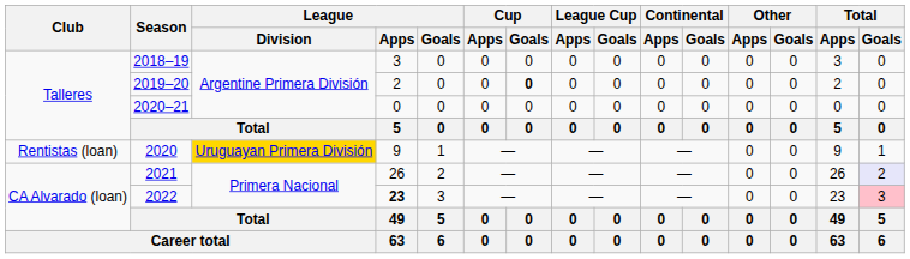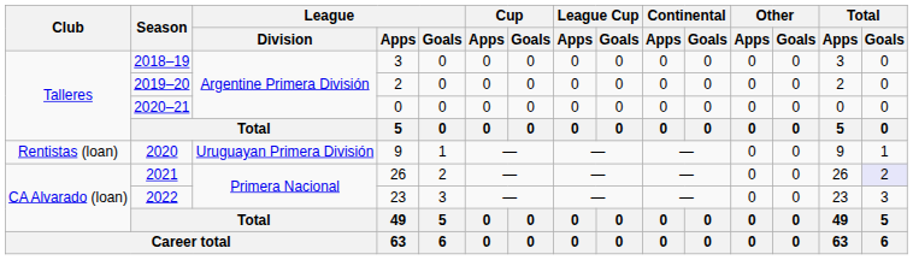 <table class="wikitable" style="text-align:center">
 <tr>
 <th rowspan="2">Club</th>
 <th rowspan="2">Season</th>
 <th colspan="3">League</th>
 <th colspan="2">Cup</th>
 <th colspan="2">League Cup</th>
 <th colspan="2">Continental</th>
 <th colspan="2">Other</th>
 <th colspan="2">Total</th>
 </tr>
 <tr>
 <th>Division</th>
 <th>Apps</th>
 <th>Goals</th>
 <th>Apps</th>
 <th>Goals</th>
 <th>Apps</th>
 <th>Goals</th>
 <th>Apps</th>
 <th>Goals</th>
 <th>Apps</th>
 <th>Goals</th>
 <th>Apps</th>
 <th>Goals</th>
 </tr>
 <tr>
 <td rowspan="4"><a href='#'>Talleres</a></td>
 <td><a href='#'>2018–19</a></td>
 <td rowspan="3"><a href='#'>Argentine Primera División</a></td>
 <td>3</td>
 <td>0</td>
 <td>0</td>
 <td>0</td>
 <td>0</td>
 <td>0</td>
 <td>0</td>
 <td>0</td>
 <td>0</td>
 <td>0</td>
 <td>3</td>
 <td>0</td>
 </tr>
 <tr>
 <td><a href='#'>2019–20</a></td>
 <td>2</td>
 <td>0</td>
 <td>0</td>
-<td><strong>0</strong></td>
+<td>0</td>
 <td>0</td>
 <td>0</td>
 <td>0</td>
 <td>0</td>
 <td>0</td>
 <td>0</td>
 <td>2</td>
 <td>0</td>
 </tr>
 <tr>
 <td><a href='#'>2020–21</a></td>
 <td>0</td>
 <td>0</td>
 <td>0</td>
 <td>0</td>
 <td>0</td>
 <td>0</td>
 <td>0</td>
 <td>0</td>
 <td>0</td>
 <td>0</td>
 <td>0</td>
 <td>0</td>
 </tr>
 <tr>
 <th colspan="2">Total</th>
 <th>5</th>
 <th>0</th>
 <th>0</th>
 <th>0</th>
 <th>0</th>
 <th>0</th>
 <th>0</th>
 <th>0</th>
 <th>0</th>
 <th>0</th>
 <th>5</th>
 <th>0</th>
 </tr>
 <tr>
 <td rowspan="1"><a href='#'>Rentistas</a> (loan)</td>
 <td><a href='#'>2020</a></td>
-<td rowspan="1" style="background: gold;"><a href='#'>Uruguayan Primera División</a></td>
+<td rowspan="1"><a href='#'>Uruguayan Primera División</a></td>
 <td>9</td>
 <td>1</td>
 <td colspan="2">—</td>
 <td colspan="2">—</td>
 <td colspan="2">—</td>
 <td>0</td>
 <td>0</td>
 <td>9</td>
 <td>1</td>
 </tr>
 <tr>
 <td rowspan="3"><a href='#'>CA Alvarado</a> (loan)</td>
 <td><a href='#'>2021</a></td>
 <td rowspan="2"><a href='#'>Primera Nacional</a></td>
 <td>26</td>
 <td>2</td>
 <td colspan="2">—</td>
 <td colspan="2">—</td>
 <td colspan="2">—</td>
 <td>0</td>
 <td>0</td>
 <td>26</td>
 <td style="background: lavender;">2</td>
 </tr>
 <tr>
 <td><a href='#'>2022</a></td>
-<td><strong>23</strong></td>
+<td>23</td>
 <td>3</td>
 <td colspan="2">—</td>
 <td colspan="2">—</td>
 <td colspan="2">—</td>
 <td>0</td>
 <td>0</td>
 <td>23</td>
-<td style="background: pink;">3</td>
+<td>3</td>
 </tr>
 <tr>
 <th colspan="2">Total</th>
 <th>49</th>
 <th>5</th>
 <th>0</th>
 <th>0</th>
 <th>0</th>
 <th>0</th>
 <th>0</th>
 <th>0</th>
 <th>0</th>
 <th>0</th>
 <th>49</th>
 <th>5</th>
 </tr>
 <tr>
 <th colspan="3">Career total</th>
 <th>63</th>
 <th>6</th>
 <th>0</th>
 <th>0</th>
 <th>0</th>
 <th>0</th>
 <th>0</th>
 <th>0</th>
 <th>0</th>
 <th>0</th>
 <th>63</th>
 <th>6</th>
 </tr>
 </table>
